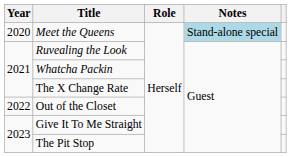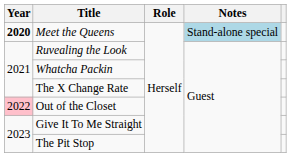 <table class="wikitable plainrowheaders sortable">
 <tr>
 <th scope="col">Year</th>
 <th scope="col">Title</th>
 <th scope="col">Role</th>
 <th scope="col">Notes</th>
 <th class="unsortable" style="text-align: center;"></th>
 </tr>
 <tr>
-<td>2020</td>
+<td><strong>2020</strong></td>
 <td><em>Meet the Queens</em></td>
 <td rowspan="7">Herself</td>
 <td style="background: lightblue;">Stand-alone special</td>
 <td style="text-align: center;"></td>
 </tr>
 <tr>
 <td rowspan="3">2021</td>
 <td><em>Ruvealing the Look</em></td>
 <td rowspan="6">Guest</td>
 <td style="text-align: center;"></td>
 </tr>
 <tr>
 <td><em>Whatcha Packin<strong></td>
 <td style="text-align: center;"></td>
 </tr>
 <tr>
 <td></em>The X Change Rate<em></td>
 <td style="text-align: center;"></td>
 </tr>
 <tr>
-<td>2022</td>
+<td style="background: pink;">2022</td>
 <td></em>Out of the Closet<em></td>
 <td style="text-align: center;"></td>
 </tr>
 <tr>
 <td rowspan="2">2023</td>
 <td></em>Give It To Me Straight<em></td>
 <td style="text-align: center;"></td>
 </tr>
 <tr>
 <td></em>The Pit Stop<em></td>
 <td style="text-align: center;"></td>
 </tr>
 </table>
